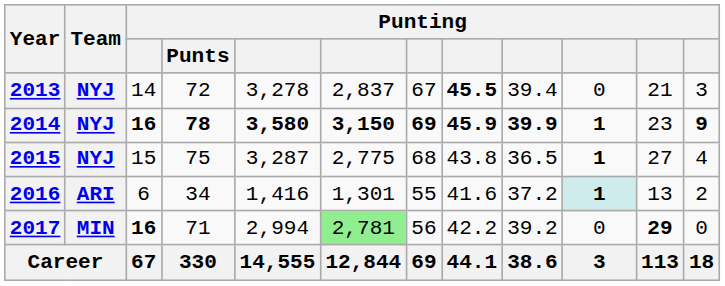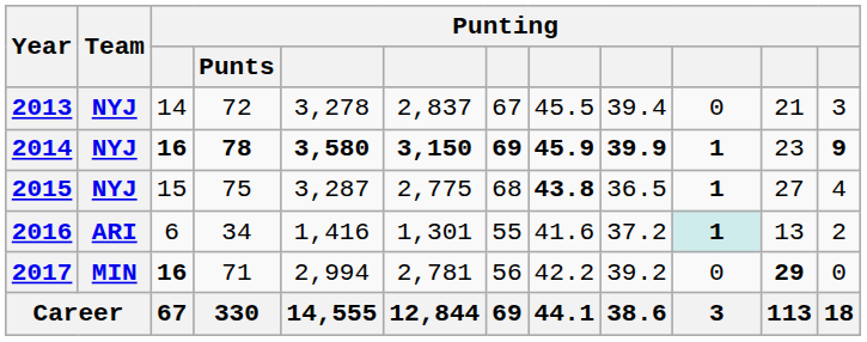 <table class=wikitable style="text-align:center;">
 <tr>
 <th rowspan="2">Year</th>
 <th rowspan="2">Team</th>
 <th colspan="10">Punting</th>
 </tr>
 <tr>
 <th></th>
 <th>Punts</th>
 <th></th>
 <th></th>
 <th></th>
 <th></th>
 <th></th>
 <th></th>
 <th></th>
 <th></th>
 </tr>
 <tr>
 <th><a href='#'>2013</a></th>
 <th><a href='#'>NYJ</a></th>
 <td>14</td>
 <td>72</td>
 <td>3,278</td>
 <td>2,837</td>
 <td>67</td>
-<td><strong>45.5</strong></td>
+<td>45.5</td>
 <td>39.4</td>
 <td>0</td>
 <td>21</td>
 <td>3</td>
 </tr>
 <tr>
 <th><a href='#'>2014</a></th>
 <th><a href='#'>NYJ</a></th>
 <td><strong>16</strong></td>
 <td><strong>78</strong></td>
 <td><strong>3,580</strong></td>
 <td><strong>3,150</strong></td>
 <td><strong>69</strong></td>
 <td><strong>45.9</strong></td>
 <td><strong>39.9</strong></td>
 <td><strong>1</strong></td>
 <td>23</td>
 <td><strong>9</strong></td>
 </tr>
 <tr>
 <th><a href='#'>2015</a></th>
 <th><a href='#'>NYJ</a></th>
 <td>15</td>
 <td>75</td>
 <td>3,287</td>
 <td>2,775</td>
 <td>68</td>
-<td>43.8</td>
+<td><strong>43.8</strong></td>
 <td>36.5</td>
 <td><strong>1</strong></td>
 <td>27</td>
 <td>4</td>
 </tr>
 <tr>
 <th><a href='#'>2016</a></th>
 <th><a href='#'>ARI</a></th>
 <td>6</td>
 <td>34</td>
 <td>1,416</td>
 <td>1,301</td>
 <td>55</td>
 <td>41.6</td>
 <td>37.2</td>
 <td style="background:#cfecec; width:3em;"><strong>1</strong></td>
 <td>13</td>
 <td>2</td>
 </tr>
 <tr>
 <th><a href='#'>2017</a></th>
 <th><a href='#'>MIN</a></th>
 <td><strong>16</strong></td>
 <td>71</td>
 <td>2,994</td>
-<td style="background: lightgreen;">2,781</td>
+<td>2,781</td>
 <td>56</td>
 <td>42.2</td>
 <td>39.2</td>
 <td>0</td>
 <td><strong>29</strong></td>
 <td>0</td>
 </tr>
 <tr>
 <th colspan="2">Career</th>
 <th>67</th>
 <th>330</th>
 <th>14,555</th>
 <th>12,844</th>
 <th>69</th>
 <th>44.1</th>
 <th>38.6</th>
 <th>3</th>
 <th>113</th>
 <th>18</th>
 </tr>
 </table>
